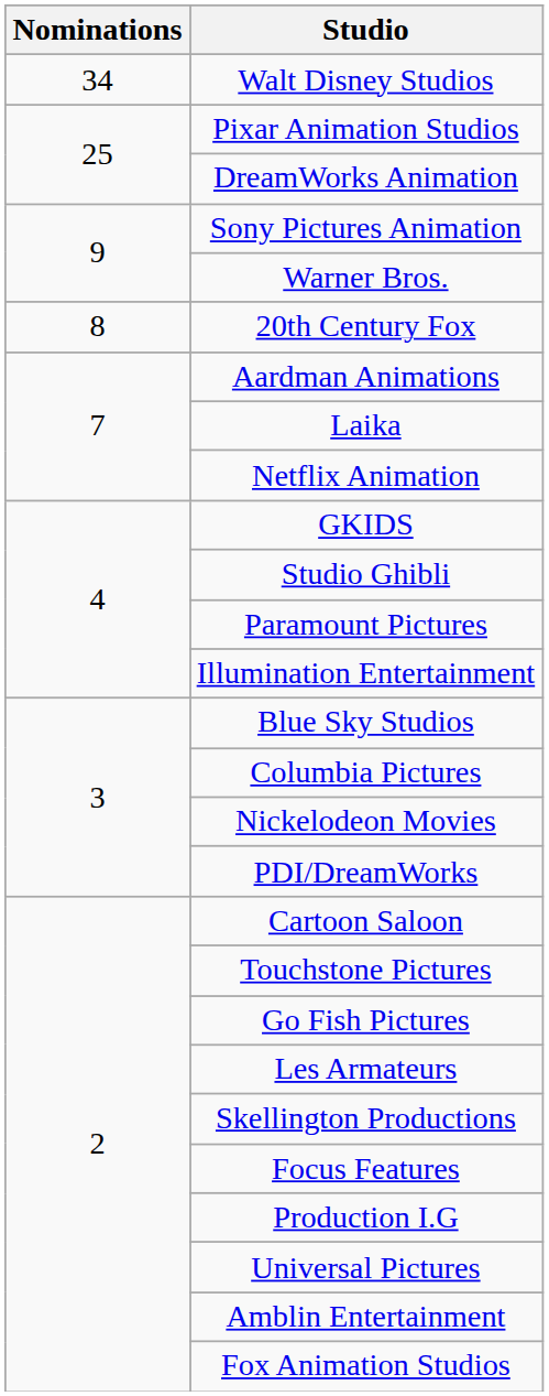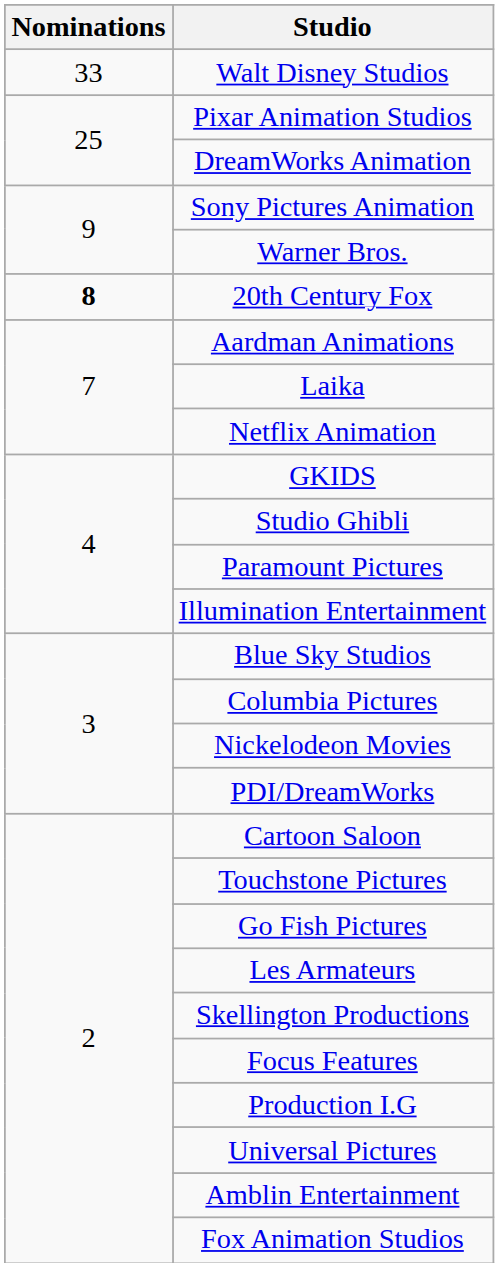 <table class="wikitable floatright" rowspan=2 style="text-align: center">
 <tr>
 <th scope="col" style="width:55px;">Nominations</th>
 <th scope="col" style="text-align:center;">Studio</th>
 </tr>
 <tr>
-<td scope=row style="text-align:center">34</td>
+<td scope=row style="text-align:center">33</td>
 <td><a href='#'>Walt Disney Studios</a></td>
 </tr>
 <tr>
 <td rowspan="2" scope=row style="text-align:center">25</td>
 <td><a href='#'>Pixar Animation Studios</a></td>
 </tr>
 <tr>
 <td><a href='#'>DreamWorks Animation</a></td>
 </tr>
 <tr>
 <td rowspan="2" scope=row style="text-align:center">9</td>
 <td><a href='#'>Sony Pictures Animation</a></td>
 </tr>
 <tr>
 <td><a href='#'>Warner Bros.</a></td>
 </tr>
 <tr>
-<td scope=row style="text-align:center">8</td>
+<td scope=row style="text-align:center"><strong>8</strong></td>
 <td><a href='#'>20th Century Fox</a></td>
 </tr>
 <tr>
 <td rowspan="3" scope=row style="text-align:center">7</td>
 <td><a href='#'>Aardman Animations</a></td>
 </tr>
 <tr>
 <td><a href='#'>Laika</a></td>
 </tr>
 <tr>
 <td><a href='#'>Netflix Animation</a></td>
 </tr>
 <tr>
 <td rowspan="4" scope=row style="text-align:center">4</td>
 <td><a href='#'>GKIDS</a></td>
 </tr>
 <tr>
 <td><a href='#'>Studio Ghibli</a></td>
 </tr>
 <tr>
 <td><a href='#'>Paramount Pictures</a></td>
 </tr>
 <tr>
 <td><a href='#'>Illumination Entertainment</a></td>
 </tr>
 <tr>
 <td rowspan="4" scope=row style="text-align:center">3</td>
 <td><a href='#'>Blue Sky Studios</a></td>
 </tr>
 <tr>
 <td><a href='#'>Columbia Pictures</a></td>
 </tr>
 <tr>
 <td><a href='#'>Nickelodeon Movies</a></td>
 </tr>
 <tr>
 <td><a href='#'>PDI/DreamWorks</a></td>
 </tr>
 <tr>
 <td rowspan="12" scope=row style="text-align:center">2</td>
 <td><a href='#'>Cartoon Saloon</a></td>
 </tr>
 <tr>
 <td><a href='#'>Touchstone Pictures</a></td>
 </tr>
 <tr>
 <td><a href='#'>Go Fish Pictures</a></td>
 </tr>
 <tr>
 <td><a href='#'>Les Armateurs</a></td>
 </tr>
 <tr>
 <td><a href='#'>Skellington Productions</a></td>
 </tr>
 <tr>
 <td><a href='#'>Focus Features</a></td>
 </tr>
 <tr>
 <td><a href='#'>Production I.G</a></td>
 </tr>
 <tr>
 <td><a href='#'>Universal Pictures</a></td>
 </tr>
 <tr>
 <td><a href='#'>Amblin Entertainment</a></td>
 </tr>
 <tr>
 <td><a href='#'>Fox Animation Studios</a></td>
 </tr>
 </table>
